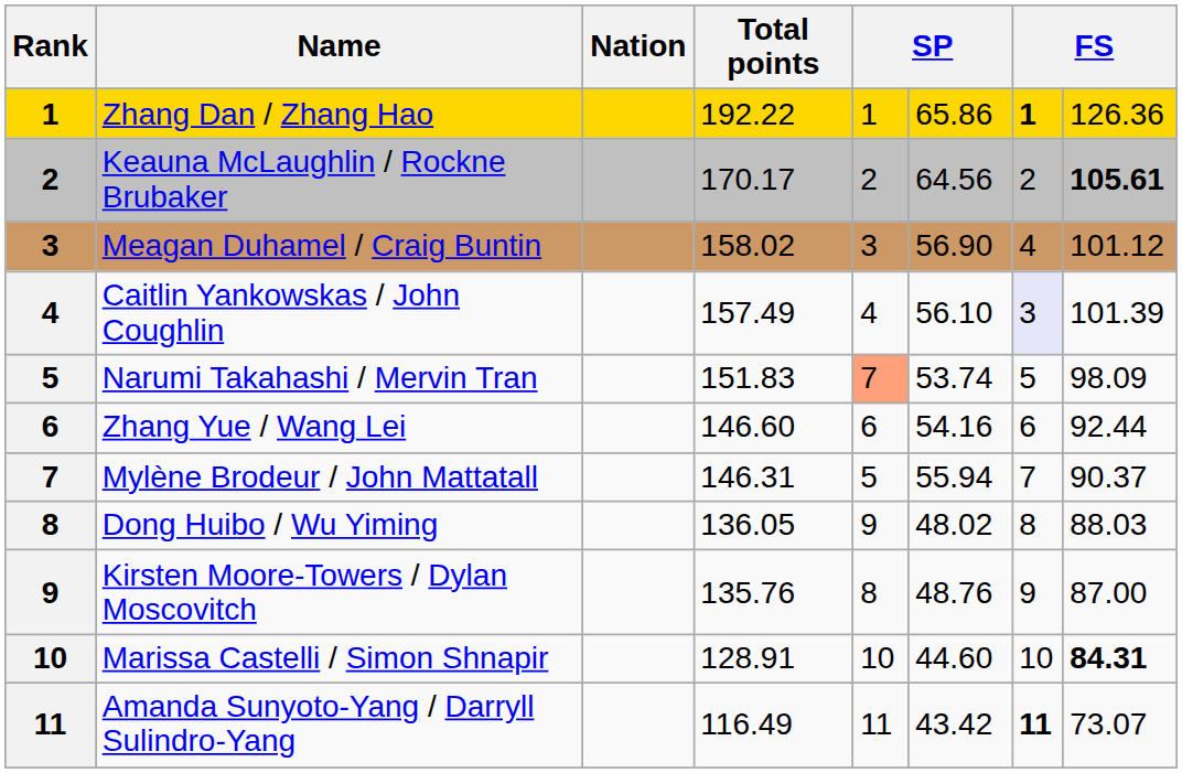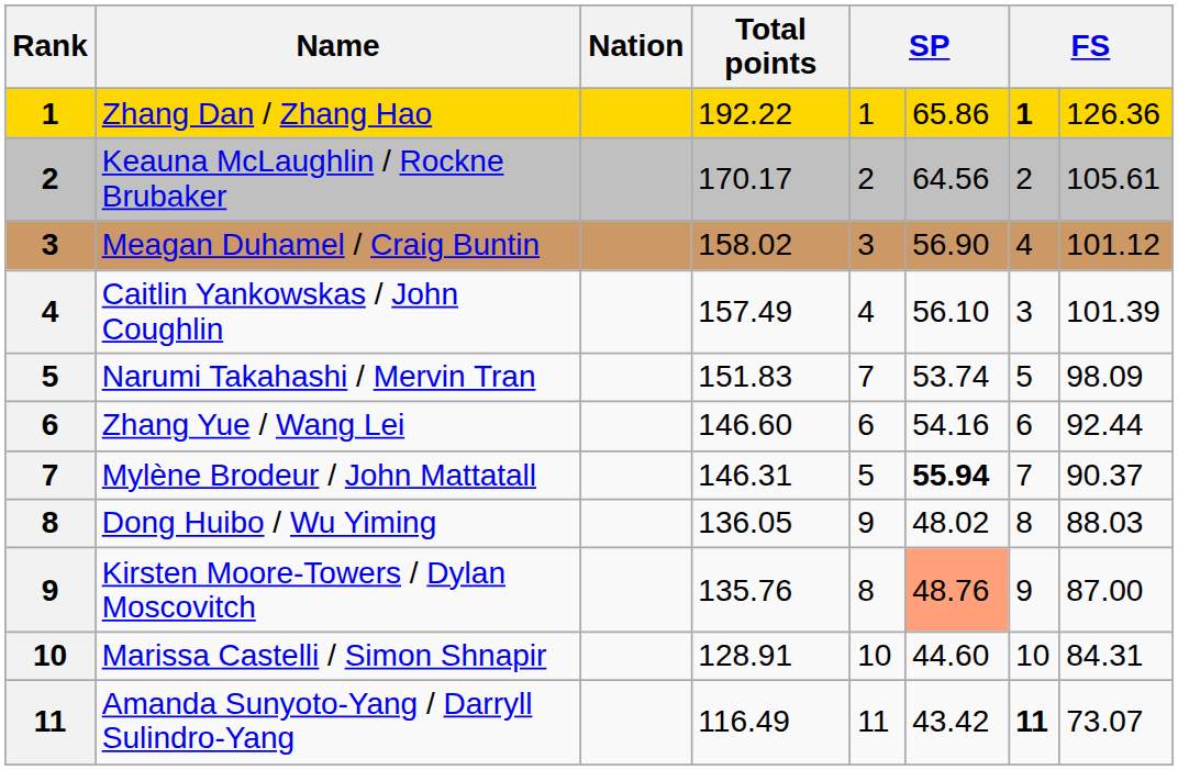 <table class="wikitable sortable">
 <tr>
 <th>Rank</th>
 <th>Name</th>
 <th>Nation</th>
 <th>Total points</th>
 <th colspan="2" width="80px"><a href='#'>SP</a></th>
 <th colspan="2" width="80px"><a href='#'>FS</a></th>
 </tr>
 <tr bgcolor="gold">
 <td align="center"><strong>1</strong></td>
 <td><a href='#'>Zhang Dan</a> / <a href='#'>Zhang Hao</a></td>
 <td></td>
 <td>192.22</td>
 <td>1</td>
 <td>65.86</td>
 <td><strong>1</strong></td>
 <td>126.36</td>
 </tr>
 <tr bgcolor="silver">
 <td align="center"><strong>2</strong></td>
 <td><a href='#'>Keauna McLaughlin</a> / <a href='#'>Rockne Brubaker</a></td>
 <td></td>
 <td>170.17</td>
 <td>2</td>
 <td>64.56</td>
 <td>2</td>
-<td><strong>105.61</strong></td>
+<td>105.61</td>
 </tr>
 <tr bgcolor="cc9966">
 <td align="center"><strong>3</strong></td>
 <td><a href='#'>Meagan Duhamel</a> / <a href='#'>Craig Buntin</a></td>
 <td></td>
 <td>158.02</td>
 <td>3</td>
 <td>56.90</td>
 <td>4</td>
 <td>101.12</td>
 </tr>
 <tr>
 <th>4</th>
 <td><a href='#'>Caitlin Yankowskas</a> / <a href='#'>John Coughlin</a></td>
 <td></td>
 <td>157.49</td>
 <td>4</td>
 <td>56.10</td>
-<td style="background: lavender;">3</td>
+<td>3</td>
 <td>101.39</td>
 </tr>
 <tr>
 <th>5</th>
 <td><a href='#'>Narumi Takahashi</a> / <a href='#'>Mervin Tran</a></td>
 <td></td>
 <td>151.83</td>
-<td style="background: lightsalmon;">7</td>
+<td>7</td>
 <td>53.74</td>
 <td>5</td>
 <td>98.09</td>
 </tr>
 <tr>
 <th>6</th>
 <td><a href='#'>Zhang Yue</a> / <a href='#'>Wang Lei</a></td>
 <td></td>
 <td>146.60</td>
 <td>6</td>
 <td>54.16</td>
 <td>6</td>
 <td>92.44</td>
 </tr>
 <tr>
 <th>7</th>
 <td><a href='#'>Mylène Brodeur</a> / <a href='#'>John Mattatall</a></td>
 <td></td>
 <td>146.31</td>
 <td>5</td>
-<td>55.94</td>
+<td><strong>55.94</strong></td>
 <td>7</td>
 <td>90.37</td>
 </tr>
 <tr>
 <th>8</th>
 <td><a href='#'>Dong Huibo</a> / <a href='#'>Wu Yiming</a></td>
 <td></td>
 <td>136.05</td>
 <td>9</td>
 <td>48.02</td>
 <td>8</td>
 <td>88.03</td>
 </tr>
 <tr>
 <th>9</th>
 <td><a href='#'>Kirsten Moore-Towers</a> / <a href='#'>Dylan Moscovitch</a></td>
 <td></td>
 <td>135.76</td>
 <td>8</td>
-<td>48.76</td>
+<td style="background: lightsalmon;">48.76</td>
 <td>9</td>
 <td>87.00</td>
 </tr>
 <tr>
 <th>10</th>
 <td><a href='#'>Marissa Castelli</a> / <a href='#'>Simon Shnapir</a></td>
 <td></td>
 <td>128.91</td>
 <td>10</td>
 <td>44.60</td>
 <td>10</td>
-<td><strong>84.31</strong></td>
+<td>84.31</td>
 </tr>
 <tr>
 <th>11</th>
 <td><a href='#'>Amanda Sunyoto-Yang</a> / <a href='#'>Darryll Sulindro-Yang</a></td>
 <td></td>
 <td>116.49</td>
 <td>11</td>
 <td>43.42</td>
 <td><strong>11</strong></td>
 <td>73.07</td>
 </tr>
 </table>
